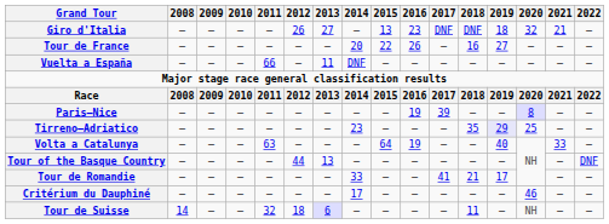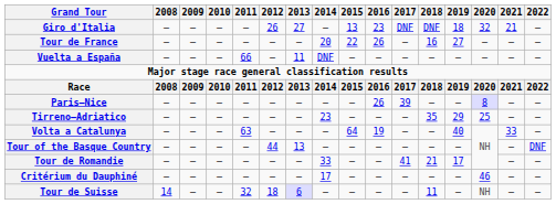 <table class="wikitable plainrowheaders">
 <tr>
 <th scope="col"><a href='#'>Grand Tour</a></th>
 <th scope="col">2008</th>
 <th scope="col">2009</th>
 <th scope="col">2010</th>
 <th scope="col">2011</th>
 <th scope="col">2012</th>
 <th scope="col">2013</th>
 <th scope="col">2014</th>
 <th scope="col">2015</th>
 <th scope="col">2016</th>
 <th scope="col">2017</th>
 <th scope="col">2018</th>
 <th scope="col">2019</th>
 <th scope="col">2020</th>
 <th scope="col">2021</th>
 <th scope="col">2022</th>
 </tr>
 <tr style="text-align:center;">
 <th scope="row"> <a href='#'>Giro d'Italia</a></th>
 <td>—</td>
 <td>—</td>
 <td>—</td>
 <td>—</td>
 <td><a href='#'>26</a></td>
 <td><a href='#'>27</a></td>
 <td>—</td>
 <td><a href='#'>13</a></td>
 <td><a href='#'>23</a></td>
 <td><a href='#'>DNF</a></td>
 <td><a href='#'>DNF</a></td>
 <td><a href='#'>18</a></td>
 <td><a href='#'>32</a></td>
 <td><a href='#'>21</a></td>
 <td>—</td>
 </tr>
 <tr style="text-align:center;">
 <th scope="row"> <a href='#'>Tour de France</a></th>
 <td>—</td>
 <td>—</td>
 <td>—</td>
 <td>—</td>
 <td>—</td>
 <td>—</td>
 <td><a href='#'>20</a></td>
 <td><a href='#'>22</a></td>
 <td><a href='#'>26</a></td>
 <td>—</td>
 <td><a href='#'>16</a></td>
 <td><a href='#'>27</a></td>
 <td>—</td>
 <td>—</td>
 <td>—</td>
 </tr>
 <tr style="text-align:center;">
 <th scope="row"> <a href='#'>Vuelta a España</a></th>
 <td>—</td>
 <td>—</td>
 <td>—</td>
 <td><a href='#'>66</a></td>
 <td>—</td>
 <td><a href='#'>11</a></td>
 <td><a href='#'>DNF</a></td>
 <td>—</td>
 <td>—</td>
 <td>—</td>
 <td>—</td>
 <td>—</td>
 <td>—</td>
 <td>—</td>
 <td>—</td>
 </tr>
 <tr>
 <td colspan=16 align="center"><strong>Major stage race general classification results</strong></td>
 </tr>
 <tr>
 <th scope="col">Race</th>
 <th scope="col">2008</th>
 <th scope="col">2009</th>
 <th scope="col">2010</th>
 <th scope="col">2011</th>
 <th scope="col">2012</th>
 <th scope="col">2013</th>
 <th scope="col">2014</th>
 <th scope="col">2015</th>
 <th scope="col">2016</th>
 <th scope="col">2017</th>
 <th scope="col">2018</th>
 <th scope="col">2019</th>
 <th scope="col">2020</th>
 <th scope="col">2021</th>
 <th scope="col">2022</th>
 </tr>
 <tr style="text-align:center;">
 <th scope="row"> <a href='#'>Paris–Nice</a></th>
 <td>—</td>
 <td>—</td>
 <td>—</td>
 <td>—</td>
 <td>—</td>
 <td>—</td>
 <td>—</td>
 <td>—</td>
-<td><a href='#'>19</a></td>
+<td><a href='#'>26</a></td>
 <td><a href='#'>39</a></td>
 <td>—</td>
 <td>—</td>
 <td style="background:#ddf;"><a href='#'>8</a></td>
 <td>—</td>
 <td>—</td>
 </tr>
 <tr style="text-align:center;">
 <th scope="row"> <a href='#'>Tirreno–Adriatico</a></th>
 <td>—</td>
 <td>—</td>
 <td>—</td>
 <td>—</td>
 <td>—</td>
 <td>—</td>
 <td><a href='#'>23</a></td>
 <td>—</td>
 <td>—</td>
 <td>—</td>
 <td><a href='#'>35</a></td>
-<td style="background: lavender;"><a href='#'>29</a></td>
+<td><a href='#'>29</a></td>
 <td><a href='#'>25</a></td>
 <td>—</td>
 <td>—</td>
 </tr>
 <tr style="text-align:center;">
 <th scope="row"> <a href='#'>Volta a Catalunya</a></th>
 <td>—</td>
 <td>—</td>
 <td>—</td>
 <td><a href='#'>63</a></td>
 <td>—</td>
 <td>—</td>
 <td>—</td>
 <td><a href='#'>64</a></td>
 <td><a href='#'>19</a></td>
 <td>—</td>
 <td>—</td>
 <td><a href='#'>40</a></td>
 <td style="color:#4d4d4d;" rowspan=3>NH</td>
 <td><a href='#'>33</a></td>
 <td>—</td>
 </tr>
 <tr style="text-align:center;">
 <th scope="row"> <a href='#'>Tour of the Basque Country</a></th>
 <td>—</td>
 <td>—</td>
 <td>—</td>
 <td>—</td>
 <td><a href='#'>44</a></td>
 <td><a href='#'>13</a></td>
 <td>—</td>
 <td>—</td>
 <td>—</td>
 <td>—</td>
 <td>—</td>
 <td>—</td>
 <td>—</td>
 <td><a href='#'>DNF</a></td>
 </tr>
 <tr style="text-align:center;">
 <th scope="row"> <a href='#'>Tour de Romandie</a></th>
 <td>—</td>
 <td>—</td>
 <td>—</td>
 <td>—</td>
 <td>—</td>
 <td>—</td>
 <td><a href='#'>33</a></td>
 <td>—</td>
 <td>—</td>
 <td><a href='#'>41</a></td>
 <td><a href='#'>21</a></td>
 <td><a href='#'>17</a></td>
 <td>—</td>
 <td>—</td>
 </tr>
 <tr style="text-align:center;">
 <th scope="row"> <a href='#'>Critérium du Dauphiné</a></th>
 <td>—</td>
 <td>—</td>
 <td>—</td>
 <td>—</td>
 <td>—</td>
 <td>—</td>
 <td><a href='#'>17</a></td>
 <td>—</td>
 <td>—</td>
 <td>—</td>
 <td>—</td>
 <td>—</td>
 <td><a href='#'>46</a></td>
 <td>—</td>
 <td>—</td>
 </tr>
 <tr style="text-align:center;">
 <th scope="row"> <a href='#'>Tour de Suisse</a></th>
 <td><a href='#'>14</a></td>
 <td>—</td>
 <td>—</td>
 <td><a href='#'>32</a></td>
 <td><a href='#'>18</a></td>
 <td style="background:#ddf;"><a href='#'>6</a></td>
 <td>—</td>
 <td>—</td>
 <td>—</td>
 <td>—</td>
 <td><a href='#'>11</a></td>
 <td>—</td>
 <td style="color:#4d4d4d;">NH</td>
 <td>—</td>
 <td>—</td>
 </tr>
 </table>
